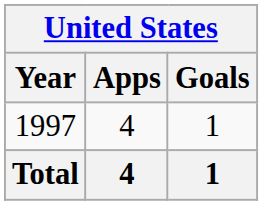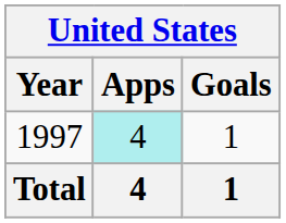 <table class="wikitable" style="text-align:center">
 <tr>
 <th colspan=3><a href='#'>United States</a></th>
 </tr>
 <tr>
 <th>Year</th>
 <th>Apps</th>
 <th>Goals</th>
 </tr>
 <tr>
 <td>1997</td>
-<td>4</td>
+<td style="background: paleturquoise;">4</td>
 <td>1</td>
 </tr>
 <tr>
 <th>Total</th>
 <th>4</th>
 <th>1</th>
 </tr>
 </table>
